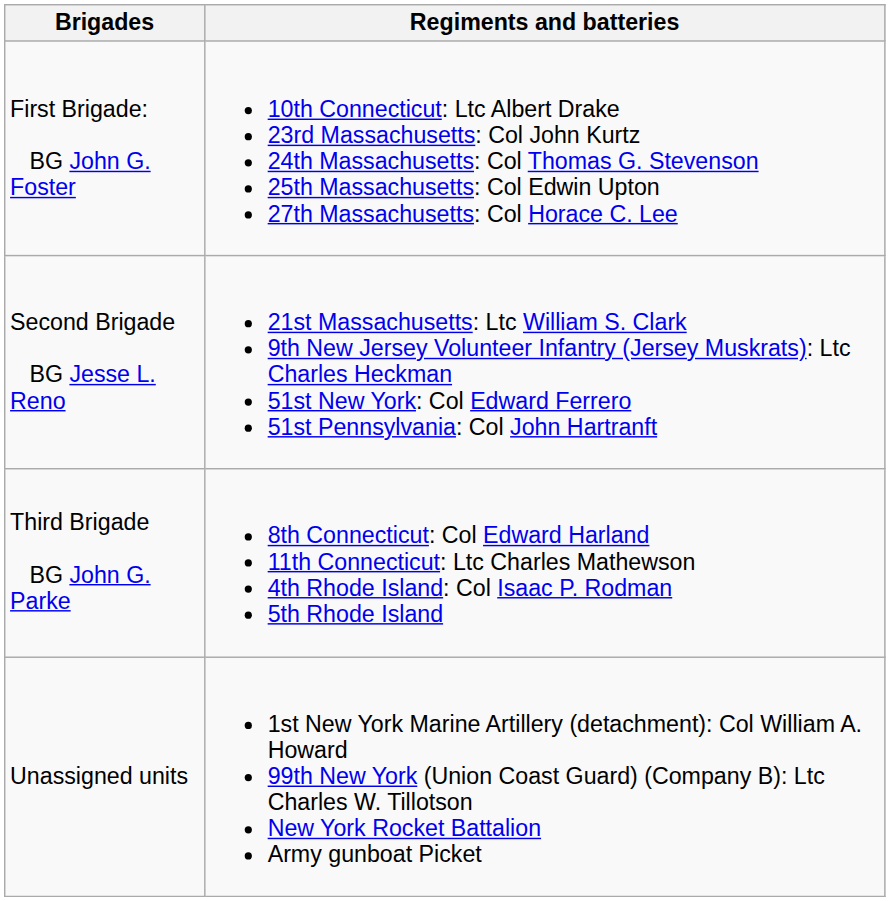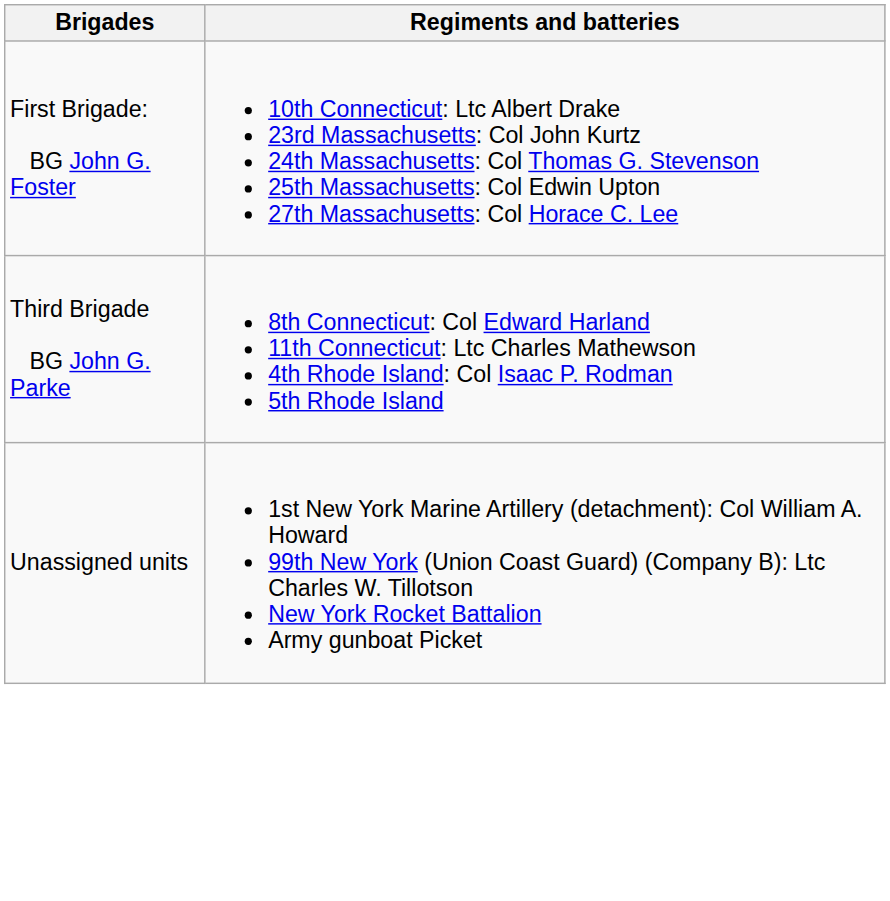 <table class="wikitable">
 <tr>
 <th><strong>Brigades</strong></th>
 <th><strong>Regiments and batteries</strong></th>
 </tr>
 <tr>
 <td>First Brigade:<br><br>   BG <a href='#'>John G. Foster</a></td>
 <td><br><ul><li><a href='#'>10th Connecticut</a>: Ltc Albert Drake</li><li><a href='#'>23rd Massachusetts</a>: Col John Kurtz</li><li><a href='#'>24th Massachusetts</a>: Col <a href='#'>Thomas G. Stevenson</a></li><li><a href='#'>25th Massachusetts</a>: Col Edwin Upton</li><li><a href='#'>27th Massachusetts</a>: Col <a href='#'>Horace C. Lee</a></li></ul></td>
 </tr>
 <tr>
-<td>Second Brigade<br><br>   BG <a href='#'>Jesse L. Reno</a></td>
-<td><br><ul><li><a href='#'>21st Massachusetts</a>: Ltc <a href='#'>William S. Clark</a></li><li><a href='#'>9th New Jersey Volunteer Infantry (Jersey Muskrats)</a>: Ltc <a href='#'>Charles Heckman</a></li><li><a href='#'>51st New York</a>: Col <a href='#'>Edward Ferrero</a></li><li><a href='#'>51st Pennsylvania</a>: Col <a href='#'>John Hartranft</a></li></ul></td>
-</tr>
-<tr>
 <td>Third Brigade<br><br>   BG <a href='#'>John G. Parke</a></td>
 <td><br><ul><li><a href='#'>8th Connecticut</a>: Col <a href='#'>Edward Harland</a></li><li><a href='#'>11th Connecticut</a>: Ltc Charles Mathewson</li><li><a href='#'>4th Rhode Island</a>: Col <a href='#'>Isaac P. Rodman</a></li><li><a href='#'>5th Rhode Island</a></li></ul></td>
 </tr>
 <tr>
 <td>Unassigned units</td>
 <td><br><ul><li>1st New York Marine Artillery (detachment): Col William A. Howard</li><li><a href='#'>99th New York</a> (Union Coast Guard) (Company B): Ltc Charles W. Tillotson</li><li><a href='#'>New York Rocket Battalion</a></li><li>Army gunboat Picket</li></ul></td>
 </tr>
 </table>
